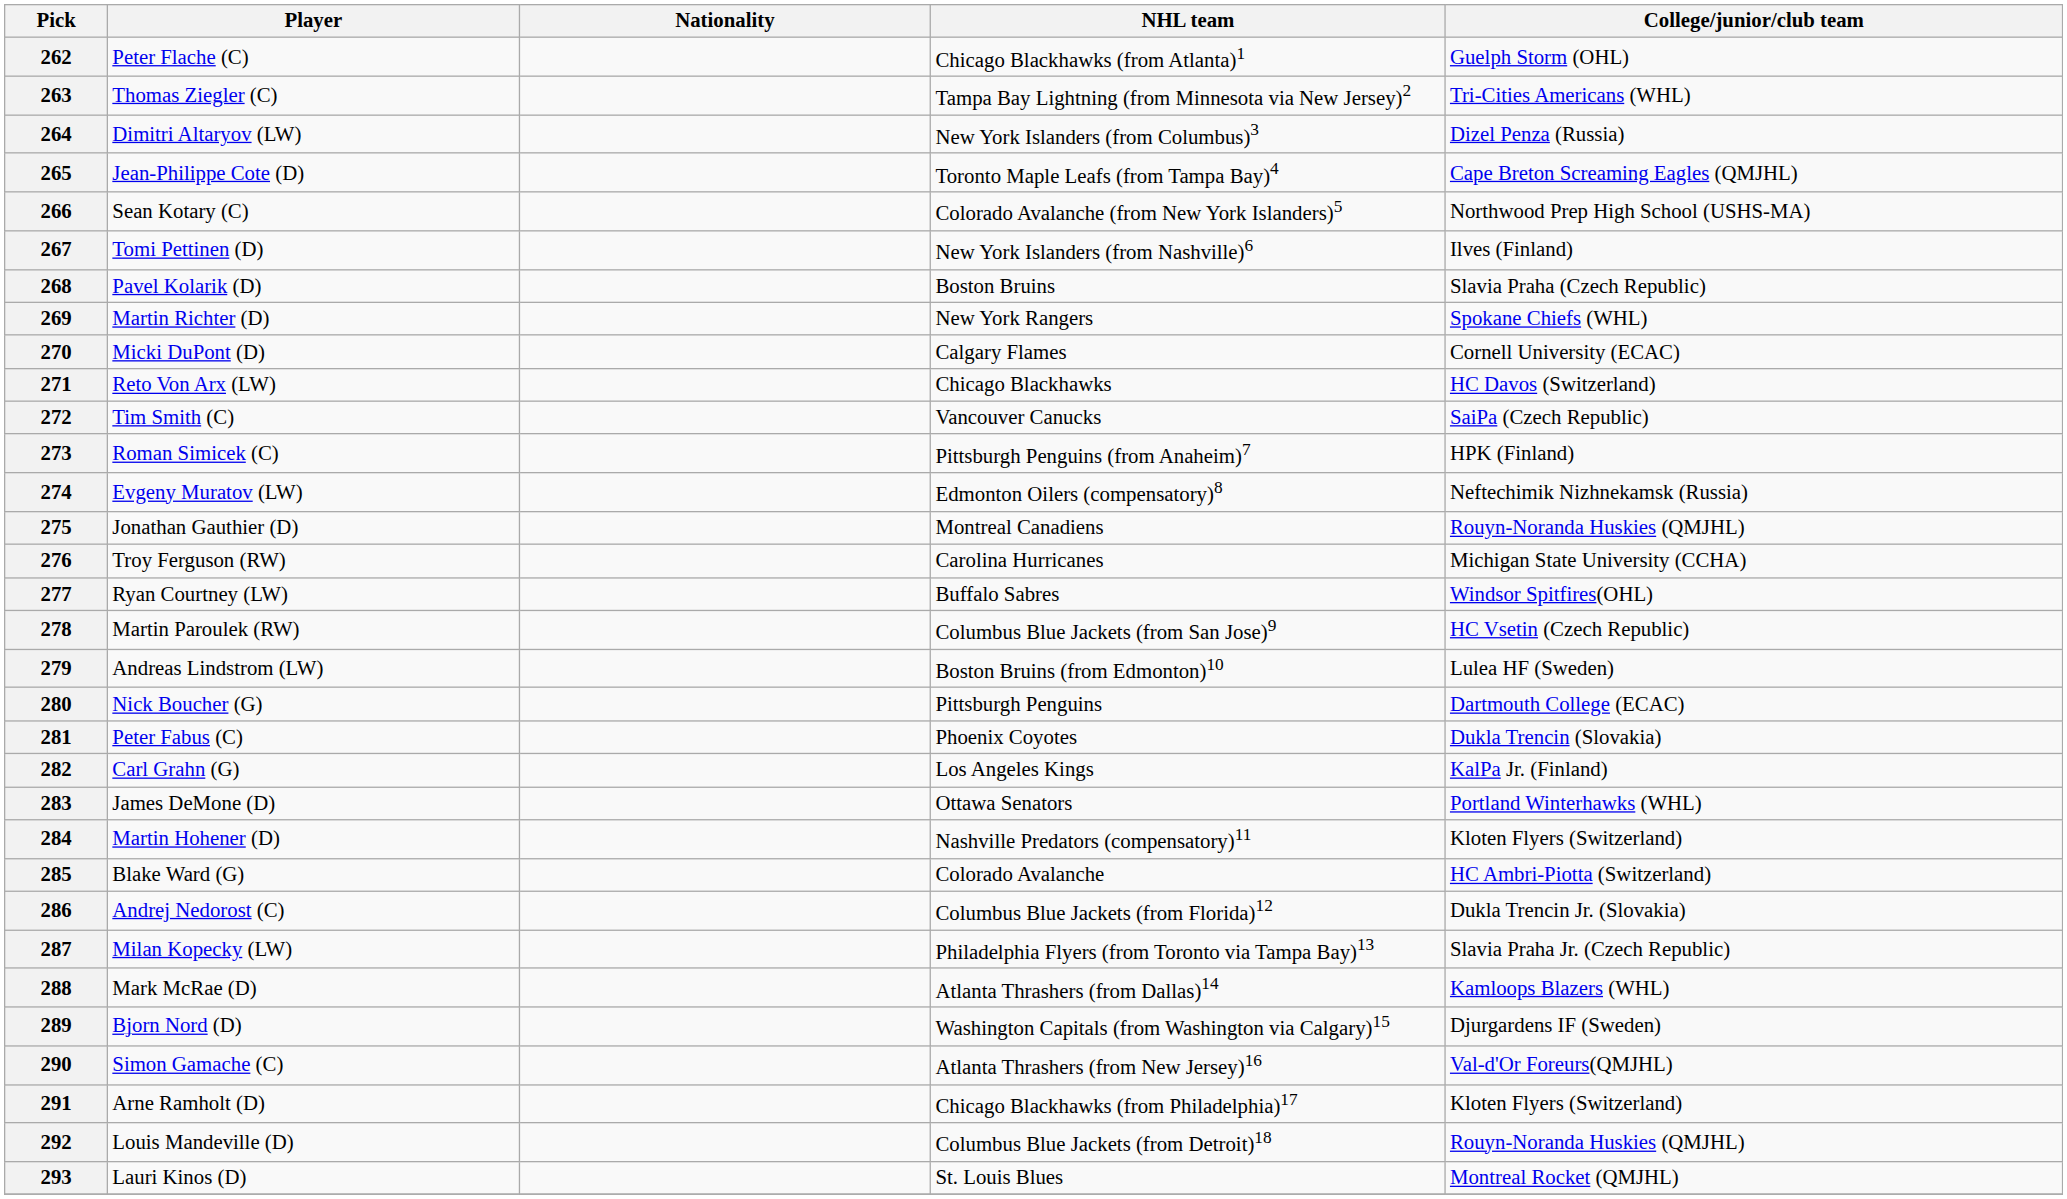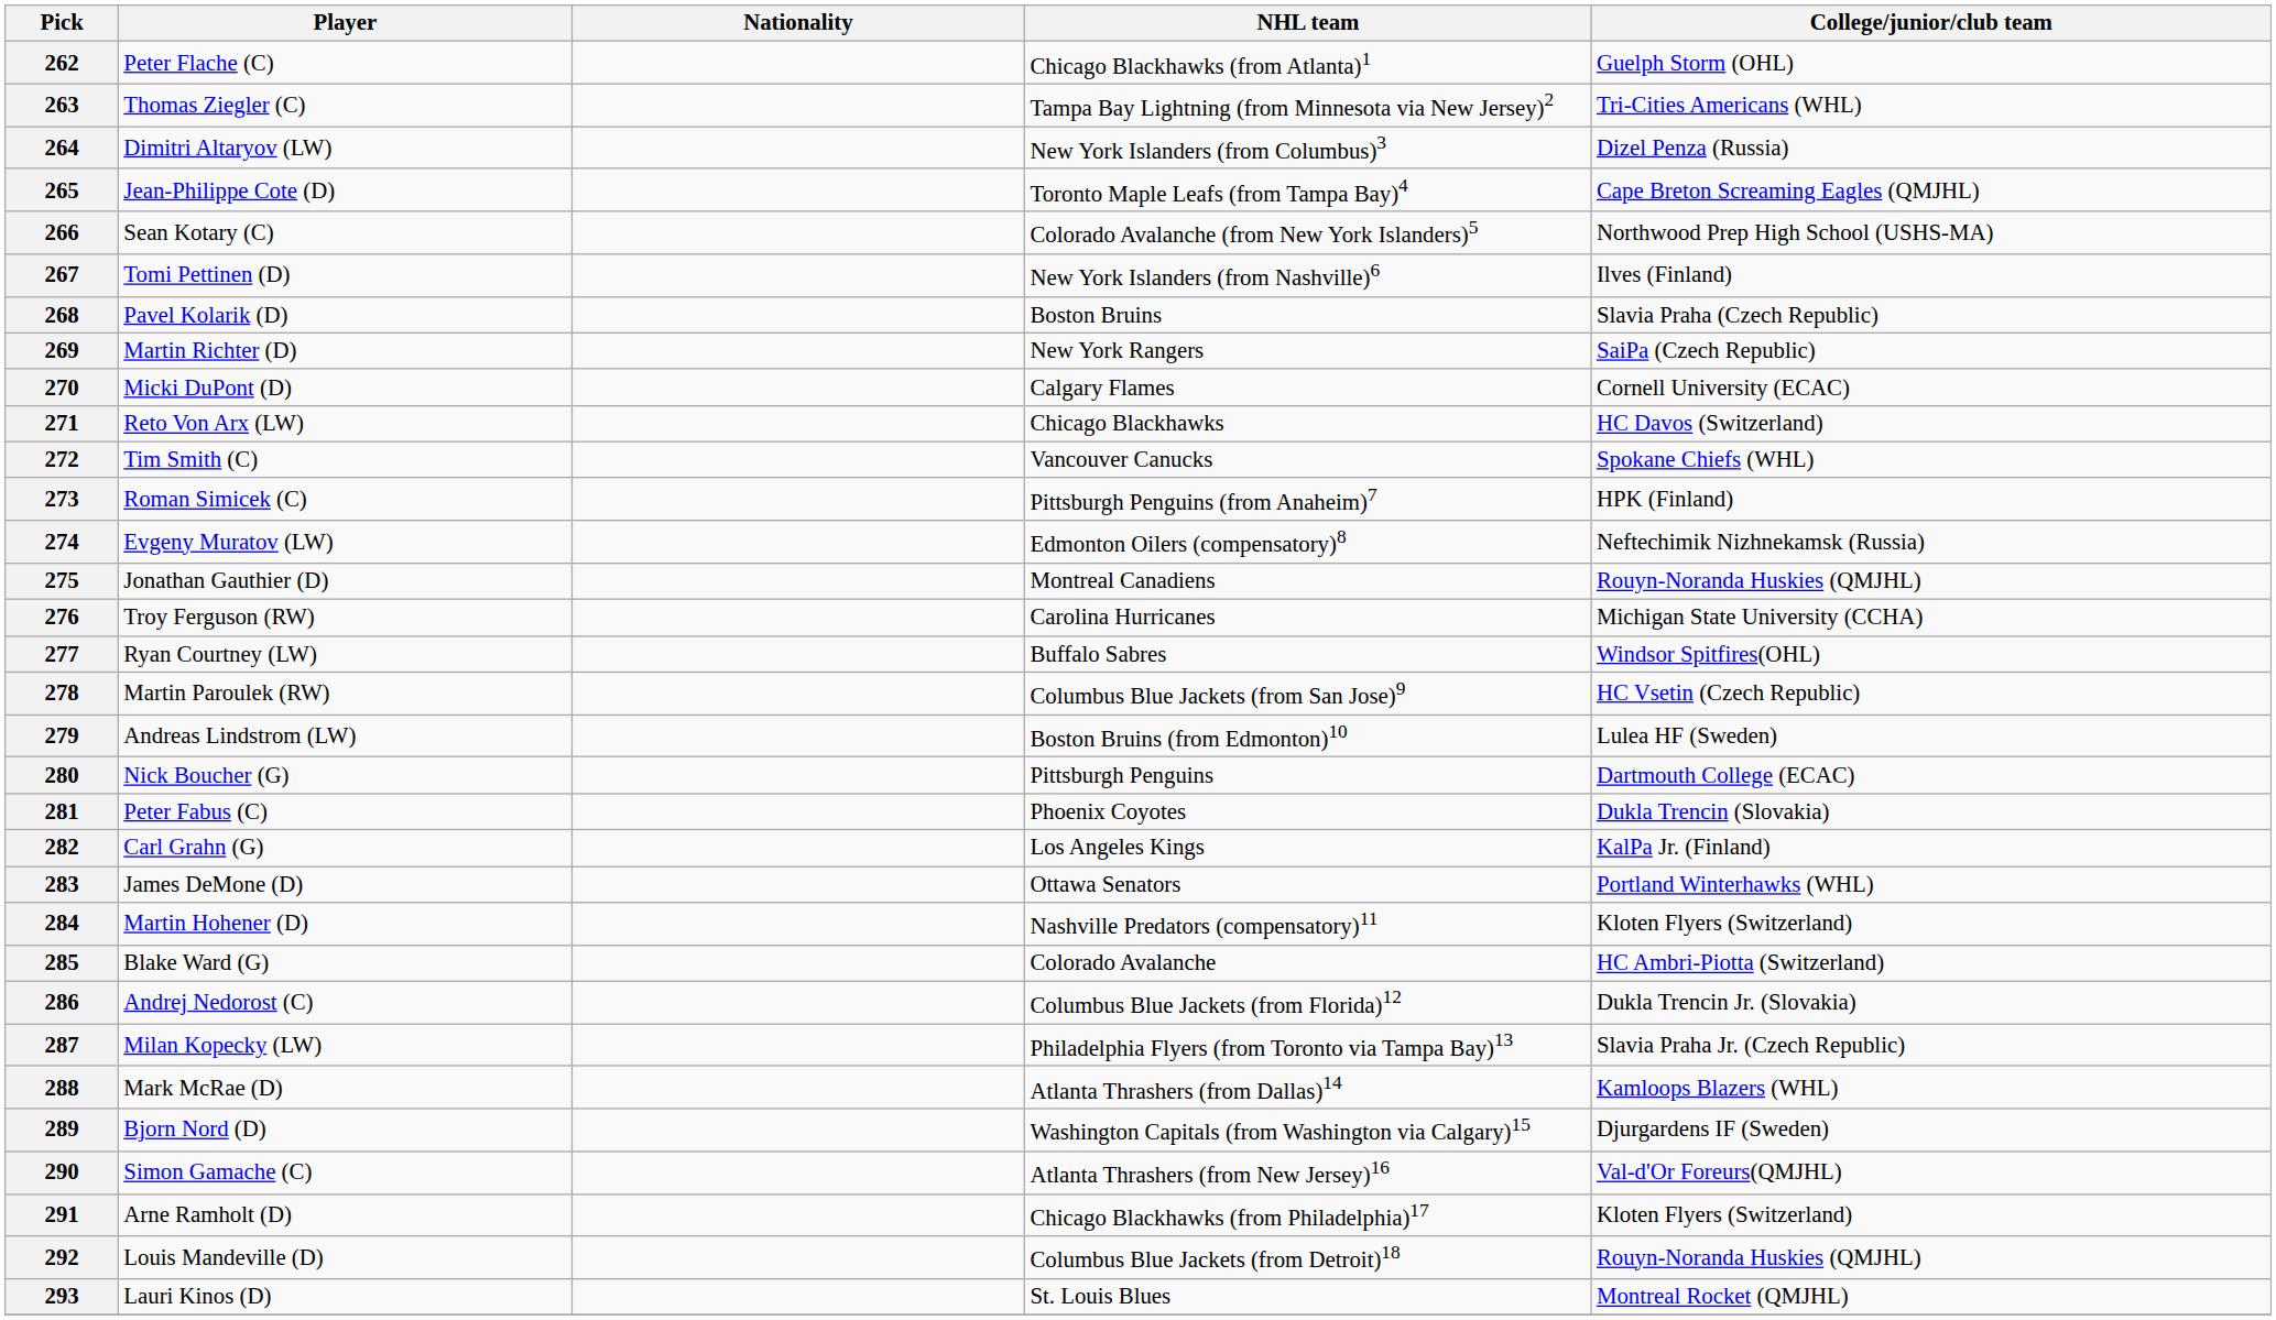 <table class="wikitable" style="width: 100%">
 <tr>
 <th bgcolor="#DDDDFF" width="5%">Pick</th>
 <th bgcolor="#DDDDFF" width="20%">Player</th>
 <th bgcolor="#DDDDFF" width="20%">Nationality</th>
 <th bgcolor="#DDDDFF" width="25%">NHL team</th>
 <th bgcolor="#DDDDFF" width="30%">College/junior/club team</th>
 </tr>
 <tr>
 <th>262</th>
 <td><a href='#'>Peter Flache</a> (C)</td>
 <td></td>
 <td>Chicago Blackhawks (from Atlanta)<sup>1</sup></td>
 <td><a href='#'>Guelph Storm</a> (OHL)</td>
 </tr>
 <tr>
 <th>263</th>
 <td><a href='#'>Thomas Ziegler</a> (C)</td>
 <td></td>
 <td>Tampa Bay Lightning (from Minnesota via New Jersey)<sup>2</sup></td>
 <td><a href='#'>Tri-Cities Americans</a> (WHL)</td>
 </tr>
 <tr>
 <th>264</th>
 <td><a href='#'>Dimitri Altaryov</a> (LW)</td>
 <td></td>
 <td>New York Islanders (from Columbus)<sup>3</sup></td>
 <td><a href='#'>Dizel Penza</a> (Russia)</td>
 </tr>
 <tr>
 <th>265</th>
 <td><a href='#'>Jean-Philippe Cote</a> (D)</td>
 <td></td>
 <td>Toronto Maple Leafs (from Tampa Bay)<sup>4</sup></td>
 <td><a href='#'>Cape Breton Screaming Eagles</a> (QMJHL)</td>
 </tr>
 <tr>
 <th>266</th>
 <td>Sean Kotary (C)</td>
 <td></td>
 <td>Colorado Avalanche (from New York Islanders)<sup>5</sup></td>
 <td>Northwood Prep High School (USHS-MA)</td>
 </tr>
 <tr>
 <th>267</th>
 <td><a href='#'>Tomi Pettinen</a> (D)</td>
 <td></td>
 <td>New York Islanders (from Nashville)<sup>6</sup></td>
 <td>Ilves (Finland)</td>
 </tr>
 <tr>
 <th>268</th>
 <td><a href='#'>Pavel Kolarik</a> (D)</td>
 <td></td>
 <td>Boston Bruins</td>
 <td>Slavia Praha (Czech Republic)</td>
 </tr>
 <tr>
 <th>269</th>
 <td><a href='#'>Martin Richter</a> (D)</td>
 <td></td>
 <td>New York Rangers</td>
-<td><a href='#'>Spokane Chiefs</a> (WHL)</td>
+<td><a href='#'>SaiPa</a> (Czech Republic)</td>
 </tr>
 <tr>
 <th>270</th>
 <td><a href='#'>Micki DuPont</a> (D)</td>
 <td></td>
 <td>Calgary Flames</td>
 <td>Cornell University (ECAC)</td>
 </tr>
 <tr>
 <th>271</th>
 <td><a href='#'>Reto Von Arx</a> (LW)</td>
 <td></td>
 <td>Chicago Blackhawks</td>
 <td><a href='#'>HC Davos</a> (Switzerland)</td>
 </tr>
 <tr>
 <th>272</th>
 <td><a href='#'>Tim Smith</a> (C)</td>
 <td></td>
 <td>Vancouver Canucks</td>
-<td><a href='#'>SaiPa</a> (Czech Republic)</td>
+<td><a href='#'>Spokane Chiefs</a> (WHL)</td>
 </tr>
 <tr>
 <th>273</th>
 <td><a href='#'>Roman Simicek</a> (C)</td>
 <td></td>
 <td>Pittsburgh Penguins (from Anaheim)<sup>7</sup></td>
 <td>HPK (Finland)</td>
 </tr>
 <tr>
 <th>274</th>
 <td><a href='#'>Evgeny Muratov</a> (LW)</td>
 <td></td>
 <td>Edmonton Oilers (compensatory)<sup>8</sup></td>
 <td>Neftechimik Nizhnekamsk (Russia)</td>
 </tr>
 <tr>
 <th>275</th>
 <td>Jonathan Gauthier (D)</td>
 <td></td>
 <td>Montreal Canadiens</td>
 <td><a href='#'>Rouyn-Noranda Huskies</a> (QMJHL)</td>
 </tr>
 <tr>
 <th>276</th>
 <td>Troy Ferguson (RW)</td>
 <td></td>
 <td>Carolina Hurricanes</td>
 <td>Michigan State University (CCHA)</td>
 </tr>
 <tr>
 <th>277</th>
 <td>Ryan Courtney (LW)</td>
 <td></td>
 <td>Buffalo Sabres</td>
 <td><a href='#'>Windsor Spitfires</a>(OHL)</td>
 </tr>
 <tr>
 <th>278</th>
 <td>Martin Paroulek (RW)</td>
 <td></td>
 <td>Columbus Blue Jackets (from San Jose)<sup>9</sup></td>
 <td><a href='#'>HC Vsetin</a> (Czech Republic)</td>
 </tr>
 <tr>
 <th>279</th>
 <td Andreas Lindström>Andreas Lindstrom (LW)</td>
 <td></td>
 <td>Boston Bruins (from Edmonton)<sup>10</sup></td>
 <td>Lulea HF (Sweden)</td>
 </tr>
 <tr>
 <th>280</th>
 <td><a href='#'>Nick Boucher</a> (G)</td>
 <td></td>
 <td>Pittsburgh Penguins</td>
 <td><a href='#'>Dartmouth College</a> (ECAC)</td>
 </tr>
 <tr>
 <th>281</th>
 <td><a href='#'>Peter Fabus</a> (C)</td>
 <td></td>
 <td>Phoenix Coyotes</td>
 <td><a href='#'>Dukla Trencin</a> (Slovakia)</td>
 </tr>
 <tr>
 <th>282</th>
 <td><a href='#'>Carl Grahn</a> (G)</td>
 <td></td>
 <td>Los Angeles Kings</td>
 <td><a href='#'>KalPa</a> Jr. (Finland)</td>
 </tr>
 <tr>
 <th>283</th>
 <td>James DeMone (D)</td>
 <td></td>
 <td>Ottawa Senators</td>
 <td><a href='#'>Portland Winterhawks</a> (WHL)</td>
 </tr>
 <tr>
 <th>284</th>
 <td><a href='#'>Martin Hohener</a> (D)</td>
 <td></td>
 <td>Nashville Predators (compensatory)<sup>11</sup></td>
 <td>Kloten Flyers (Switzerland)</td>
 </tr>
 <tr>
 <th>285</th>
 <td>Blake Ward (G)</td>
 <td></td>
 <td>Colorado Avalanche</td>
 <td><a href='#'>HC Ambri-Piotta</a> (Switzerland)</td>
 </tr>
 <tr>
 <th>286</th>
 <td><a href='#'>Andrej Nedorost</a> (C)</td>
 <td></td>
 <td>Columbus Blue Jackets (from Florida)<sup>12</sup></td>
 <td>Dukla Trencin Jr. (Slovakia)</td>
 </tr>
 <tr>
 <th>287</th>
 <td><a href='#'>Milan Kopecky</a> (LW)</td>
 <td></td>
 <td>Philadelphia Flyers (from Toronto via Tampa Bay)<sup>13</sup></td>
 <td>Slavia Praha Jr. (Czech Republic)</td>
 </tr>
 <tr>
 <th>288</th>
 <td>Mark McRae (D)</td>
 <td></td>
 <td>Atlanta Thrashers (from Dallas)<sup>14</sup></td>
 <td><a href='#'>Kamloops Blazers</a> (WHL)</td>
 </tr>
 <tr>
 <th>289</th>
 <td><a href='#'>Bjorn Nord</a> (D)</td>
 <td></td>
 <td>Washington Capitals (from Washington via Calgary)<sup>15</sup></td>
 <td>Djurgardens IF (Sweden)</td>
 </tr>
 <tr>
 <th>290</th>
 <td><a href='#'>Simon Gamache</a> (C)</td>
 <td></td>
 <td>Atlanta Thrashers (from New Jersey)<sup>16</sup></td>
 <td><a href='#'>Val-d'Or Foreurs</a>(QMJHL)</td>
 </tr>
 <tr>
 <th>291</th>
 <td>Arne Ramholt (D)</td>
 <td></td>
 <td>Chicago Blackhawks (from Philadelphia)<sup>17</sup></td>
 <td>Kloten Flyers (Switzerland)</td>
 </tr>
 <tr>
 <th>292</th>
 <td>Louis Mandeville (D)</td>
 <td></td>
 <td>Columbus Blue Jackets (from Detroit)<sup>18</sup></td>
 <td><a href='#'>Rouyn-Noranda Huskies</a> (QMJHL)</td>
 </tr>
 <tr>
 <th>293</th>
 <td>Lauri Kinos (D)</td>
 <td></td>
 <td>St. Louis Blues</td>
 <td><a href='#'>Montreal Rocket</a> (QMJHL)</td>
 </tr>
 <tr>
 </tr>
 </table>
